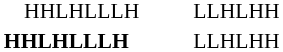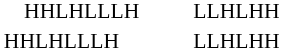 <table style="margin-left:3em">
 <tr>
 <td style="padding-left:1em">HHLHLLLH</td>
 <td style="width:2em"></td>
 <td>LLHLHH</td>
 </tr>
 <tr>
-<td><strong>HHLHLLLH</strong></td>
+<td>HHLHLLLH</td>
 <td></td>
 <td>LLHLHH</td>
 </tr>
 </table>
